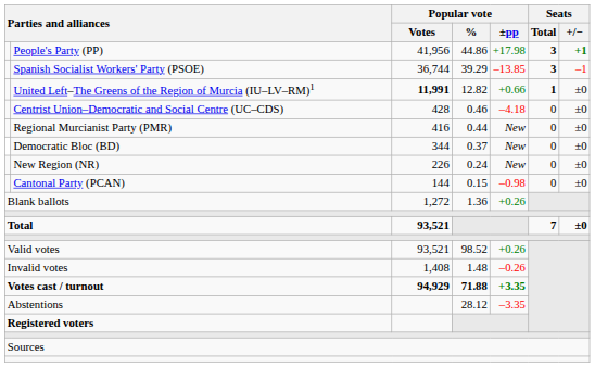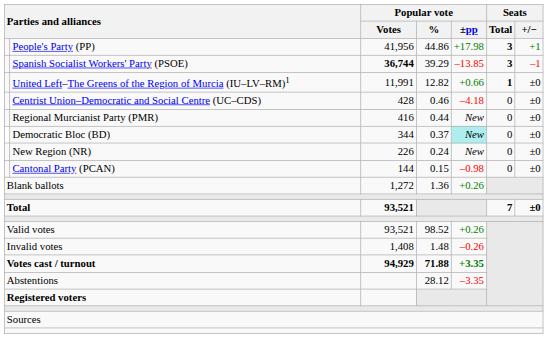 <table class="wikitable" style="text-align:right;">
 <tr>
 <th style="text-align:left;" rowspan="2" colspan="2" width="525">Parties and alliances</th>
 <th colspan="3">Popular vote</th>
 <th colspan="2">Seats</th>
 </tr>
 <tr>
 <th width="75">Votes</th>
 <th width="45">%</th>
 <th width="45">±<a href='#'>pp</a></th>
 <th width="35">Total</th>
 <th width="35">+/−</th>
 </tr>
 <tr>
 <td width="1" style="color:inherit;background:"></td>
 <td align="left"><a href='#'>People's Party</a> (PP)</td>
 <td>41,956</td>
 <td>44.86</td>
 <td style="color:green;">+17.98</td>
 <td><strong>3</strong></td>
-<td style="color:green;"><strong>+1</strong></td>
+<td style="color:green;">+1</td>
 </tr>
 <tr>
 <td style="color:inherit;background:"></td>
 <td align="left"><a href='#'>Spanish Socialist Workers' Party</a> (PSOE)</td>
-<td>36,744</td>
+<td><strong>36,744</strong></td>
 <td>39.29</td>
 <td style="color:red;">–13.85</td>
 <td><strong>3</strong></td>
 <td style="color:red;">–1</td>
 </tr>
 <tr>
 <td style="color:inherit;background:"></td>
 <td align="left"><a href='#'>United Left</a>–<a href='#'>The Greens of the Region of Murcia</a> (IU–LV–RM)<sup>1</sup></td>
-<td><strong>11,991</strong></td>
+<td>11,991</td>
 <td>12.82</td>
 <td style="color:green;">+0.66</td>
 <td><strong>1</strong></td>
 <td>±0</td>
 </tr>
 <tr>
 <td style="color:inherit;background:"></td>
 <td align="left"><a href='#'>Centrist Union–Democratic and Social Centre</a> (UC–CDS)</td>
 <td>428</td>
 <td>0.46</td>
 <td style="color:red;">–4.18</td>
 <td>0</td>
 <td>±0</td>
 </tr>
 <tr>
 <td style="color:inherit;background:"></td>
 <td align="left">Regional Murcianist Party (PMR)</td>
 <td>416</td>
 <td>0.44</td>
 <td><em>New</em></td>
 <td>0</td>
 <td>±0</td>
 </tr>
 <tr>
 <td bgcolor="white"></td>
 <td align="left">Democratic Bloc (BD)</td>
 <td>344</td>
 <td>0.37</td>
-<td><em>New</em></td>
+<td style="background: paleturquoise;"><em>New</em></td>
 <td>0</td>
 <td>±0</td>
 </tr>
 <tr>
 <td style="color:inherit;background:"></td>
 <td align="left">New Region (NR)</td>
 <td>226</td>
 <td>0.24</td>
 <td><em>New</em></td>
 <td>0</td>
 <td>±0</td>
 </tr>
 <tr>
 <td style="color:inherit;background:"></td>
 <td align="left"><a href='#'>Cantonal Party</a> (PCAN)</td>
 <td>144</td>
 <td>0.15</td>
 <td style="color:red;">–0.98</td>
 <td>0</td>
 <td>±0</td>
 </tr>
 <tr>
 <td align="left" colspan="2">Blank ballots</td>
 <td>1,272</td>
 <td>1.36</td>
 <td style="color:green;">+0.26</td>
 <td bgcolor="#E9E9E9" colspan="2"></td>
 </tr>
 <tr>
 <td colspan="7" bgcolor="#E9E9E9"></td>
 </tr>
 <tr style="font-weight:bold;">
 <td align="left" colspan="2">Total</td>
 <td>93,521</td>
 <td bgcolor="#E9E9E9" colspan="2"></td>
 <td>7</td>
 <td>±0</td>
 </tr>
 <tr>
 <td colspan="7" bgcolor="#E9E9E9"></td>
 </tr>
 <tr>
 <td align="left" colspan="2">Valid votes</td>
 <td>93,521</td>
 <td>98.52</td>
 <td style="color:green;">+0.26</td>
 <td bgcolor="#E9E9E9" colspan="2" rowspan="5"></td>
 </tr>
 <tr>
 <td align="left" colspan="2">Invalid votes</td>
 <td>1,408</td>
 <td>1.48</td>
 <td style="color:red;">–0.26</td>
 </tr>
 <tr style="font-weight:bold;">
 <td align="left" colspan="2">Votes cast / turnout</td>
 <td>94,929</td>
 <td>71.88</td>
 <td style="color:green;">+3.35</td>
 </tr>
 <tr>
 <td align="left" colspan="2">Abstentions</td>
 <td></td>
 <td>28.12</td>
 <td style="color:red;">–3.35</td>
 </tr>
 <tr style="font-weight:bold;">
 <td align="left" colspan="2">Registered voters</td>
 <td></td>
 <td bgcolor="#E9E9E9" colspan="2"></td>
 </tr>
 <tr>
 <td colspan="7" bgcolor="#E9E9E9"></td>
 </tr>
 <tr>
 <td align="left" colspan="7">Sources</td>
 </tr>
 <tr>
 <td colspan="7" style="text-align:left; max-width:790px;"></td>
 </tr>
 </table>
